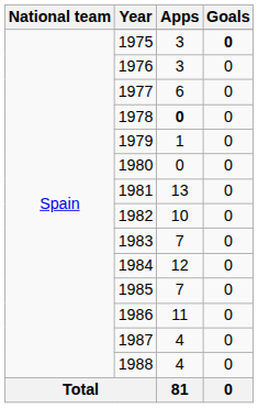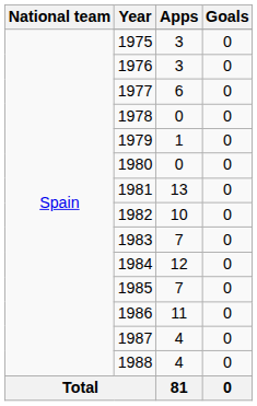 <table class="wikitable" style="text-align:center">
 <tr>
 <th>National team</th>
 <th>Year</th>
 <th>Apps</th>
 <th>Goals</th>
 </tr>
 <tr>
 <td rowspan="15"><a href='#'>Spain</a></td>
 </tr>
 <tr>
 <td>1975</td>
 <td>3</td>
-<td><strong>0</strong></td>
+<td>0</td>
 </tr>
 <tr>
 <td>1976</td>
 <td>3</td>
 <td>0</td>
 </tr>
 <tr>
 <td>1977</td>
 <td>6</td>
 <td>0</td>
 </tr>
 <tr>
 <td>1978</td>
-<td><strong>0</strong></td>
+<td>0</td>
 <td>0</td>
 </tr>
 <tr>
 <td>1979</td>
 <td>1</td>
 <td>0</td>
 </tr>
 <tr>
 <td>1980</td>
 <td>0</td>
 <td>0</td>
 </tr>
 <tr>
 <td>1981</td>
 <td>13</td>
 <td>0</td>
 </tr>
 <tr>
 <td>1982</td>
 <td>10</td>
 <td>0</td>
 </tr>
 <tr>
 <td>1983</td>
 <td>7</td>
 <td>0</td>
 </tr>
 <tr>
 <td>1984</td>
 <td>12</td>
 <td>0</td>
 </tr>
 <tr>
 <td>1985</td>
 <td>7</td>
 <td>0</td>
 </tr>
 <tr>
 <td>1986</td>
 <td>11</td>
 <td>0</td>
 </tr>
 <tr>
 <td>1987</td>
 <td>4</td>
 <td>0</td>
 </tr>
 <tr>
 <td>1988</td>
 <td>4</td>
 <td>0</td>
 </tr>
 <tr>
 <th colspan="2">Total</th>
 <th>81</th>
 <th>0</th>
 </tr>
 </table>
